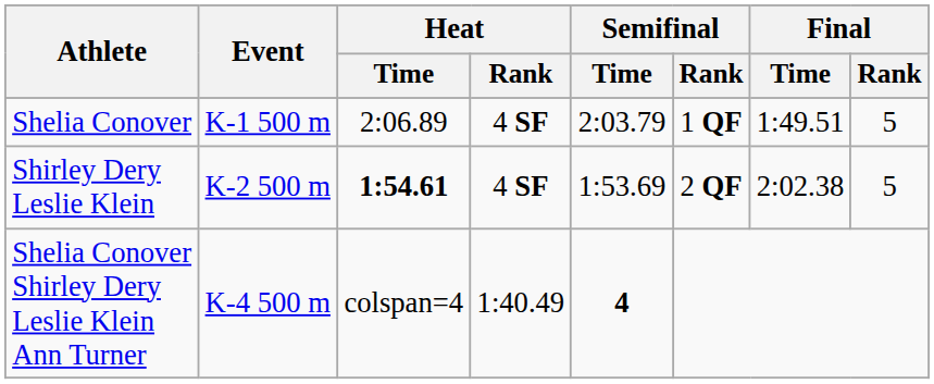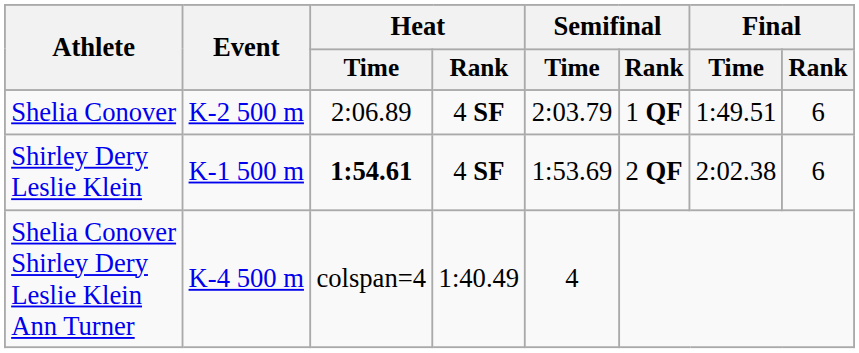 <table class=wikitable style=font-size:90%;text-align:center>
 <tr>
 <th rowspan=2>Athlete</th>
 <th rowspan=2>Event</th>
 <th colspan=2>Heat</th>
 <th colspan=2>Semifinal</th>
 <th colspan=2>Final</th>
 </tr>
 <tr style=font-size:95%>
 <th>Time</th>
 <th>Rank</th>
 <th>Time</th>
 <th>Rank</th>
 <th>Time</th>
 <th>Rank</th>
 </tr>
 <tr>
 <td align=left><a href='#'>Shelia Conover</a></td>
-<td align=left><a href='#'>K-1 500 m</a></td>
+<td align=left><a href='#'>K-2 500 m</a></td>
 <td>2:06.89</td>
 <td>4 <strong>SF</strong></td>
 <td>2:03.79</td>
 <td>1 <strong>QF</strong></td>
 <td>1:49.51</td>
-<td>5</td>
+<td>6</td>
 </tr>
 <tr>
 <td align=left><a href='#'>Shirley Dery</a><br><a href='#'>Leslie Klein</a></td>
-<td align=left><a href='#'>K-2 500 m</a></td>
+<td align=left><a href='#'>K-1 500 m</a></td>
 <td><strong>1:54.61</strong></td>
 <td>4 <strong>SF</strong></td>
 <td>1:53.69</td>
 <td>2 <strong>QF</strong></td>
 <td>2:02.38</td>
-<td>5</td>
+<td>6</td>
 </tr>
 <tr>
 <td align=left><a href='#'>Shelia Conover</a><br><a href='#'>Shirley Dery</a><br><a href='#'>Leslie Klein</a><br><a href='#'>Ann Turner</a></td>
 <td align=left><a href='#'>K-4 500 m</a></td>
 <td>colspan=4 </td>
 <td>1:40.49</td>
-<td><strong>4</strong></td>
+<td>4</td>
 </tr>
 </table>
